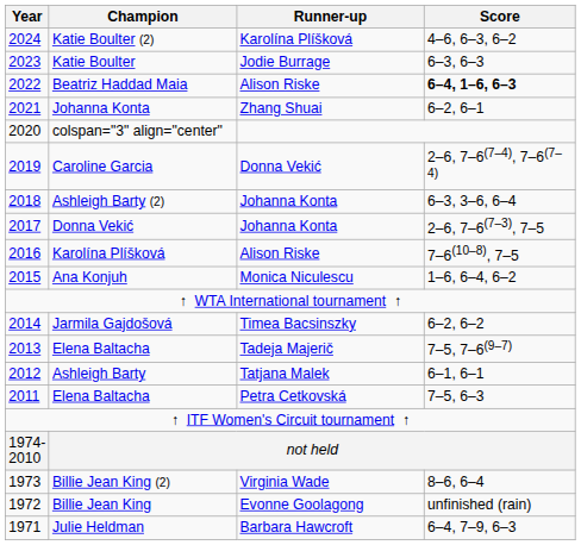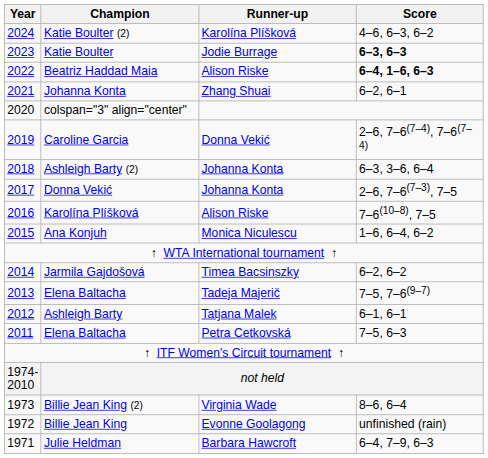 <table class="wikitable">
 <tr>
 <th style="width:40px">Year</th>
 <th style="width:200px">Champion</th>
 <th style="width:200px">Runner-up</th>
 <th style="width:160px" class="unsortable">Score</th>
 </tr>
 <tr>
 <td><a href='#'>2024</a></td>
 <td> <a href='#'>Katie Boulter</a> <small>(2)</small></td>
 <td> <a href='#'>Karolína Plíšková</a></td>
 <td>4–6, 6–3, 6–2</td>
 </tr>
 <tr>
 <td><a href='#'>2023</a></td>
 <td> <a href='#'>Katie Boulter</a></td>
 <td> <a href='#'>Jodie Burrage</a></td>
-<td>6–3, 6–3</td>
+<td><strong>6–3, 6–3</strong></td>
 </tr>
 <tr>
 <td><a href='#'>2022</a></td>
 <td> <a href='#'>Beatriz Haddad Maia</a></td>
 <td> <a href='#'>Alison Riske</a></td>
 <td><strong>6–4, 1–6, 6–3</strong></td>
 </tr>
 <tr>
 <td><a href='#'>2021</a></td>
 <td> <a href='#'>Johanna Konta</a></td>
 <td> <a href='#'>Zhang Shuai</a></td>
 <td>6–2, 6–1</td>
 </tr>
 <tr>
 <td>2020</td>
 <td>colspan="3" align="center" </td>
 </tr>
 <tr>
 <td><a href='#'>2019</a></td>
 <td> <a href='#'>Caroline Garcia</a></td>
 <td> <a href='#'>Donna Vekić</a></td>
 <td>2–6, 7–6<sup>(7–4)</sup>, 7–6<sup>(7–4)</sup></td>
 </tr>
 <tr>
 <td><a href='#'>2018</a></td>
 <td> <a href='#'>Ashleigh Barty</a> <small>(2)</small></td>
 <td> <a href='#'>Johanna Konta</a></td>
 <td>6–3, 3–6, 6–4</td>
 </tr>
 <tr>
 <td><a href='#'>2017</a></td>
 <td> <a href='#'>Donna Vekić</a></td>
 <td> <a href='#'>Johanna Konta</a></td>
 <td>2–6, 7–6<sup>(7–3)</sup>, 7–5</td>
 </tr>
 <tr>
 <td><a href='#'>2016</a></td>
 <td> <a href='#'>Karolína Plíšková</a></td>
 <td> <a href='#'>Alison Riske</a></td>
 <td>7–6<sup>(10–8)</sup>, 7–5</td>
 </tr>
 <tr>
 <td><a href='#'>2015</a></td>
 <td> <a href='#'>Ana Konjuh</a></td>
 <td> <a href='#'>Monica Niculescu</a></td>
 <td>1–6, 6–4, 6–2</td>
 </tr>
 <tr>
 <td colspan="4" align="center">↑  <a href='#'>WTA International tournament</a>  ↑</td>
 </tr>
 <tr>
 <td><a href='#'>2014</a></td>
 <td> <a href='#'>Jarmila Gajdošová</a></td>
 <td> <a href='#'>Timea Bacsinszky</a></td>
 <td>6–2, 6–2</td>
 </tr>
 <tr>
 <td><a href='#'>2013</a></td>
 <td> <a href='#'>Elena Baltacha</a></td>
 <td> <a href='#'>Tadeja Majerič</a></td>
 <td>7–5, 7–6<sup>(9–7)</sup></td>
 </tr>
 <tr>
 <td><a href='#'>2012</a></td>
 <td> <a href='#'>Ashleigh Barty</a></td>
 <td> <a href='#'>Tatjana Malek</a></td>
 <td>6–1, 6–1</td>
 </tr>
 <tr>
 <td><a href='#'>2011</a></td>
 <td> <a href='#'>Elena Baltacha</a></td>
 <td> <a href='#'>Petra Cetkovská</a></td>
 <td>7–5, 6–3</td>
 </tr>
 <tr>
 <td colspan="4" align="center">↑  <a href='#'>ITF Women's Circuit tournament</a>  ↑</td>
 </tr>
 <tr>
 <td style="background:#f3f3f3">1974-2010</td>
 <td colspan=3 align=center style="background:#f3f3f3"><em>not held</em></td>
 </tr>
 <tr>
 <td>1973</td>
 <td> <a href='#'>Billie Jean King</a> <small> (2) </small></td>
 <td> <a href='#'>Virginia Wade</a></td>
 <td>8–6, 6–4</td>
 </tr>
 <tr>
 <td>1972</td>
 <td> <a href='#'>Billie Jean King</a></td>
 <td> <a href='#'>Evonne Goolagong</a></td>
 <td>unfinished (rain)</td>
 </tr>
 <tr>
 <td>1971</td>
 <td> <a href='#'>Julie Heldman</a></td>
 <td> <a href='#'>Barbara Hawcroft</a></td>
 <td>6–4, 7–9, 6–3</td>
 </tr>
 </table>
